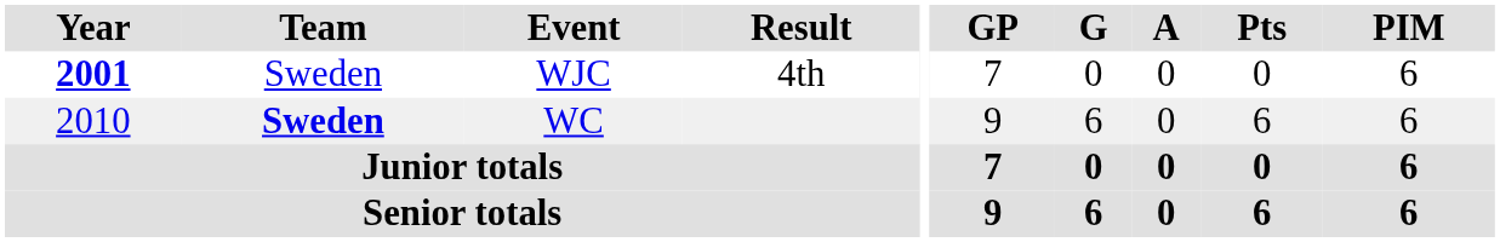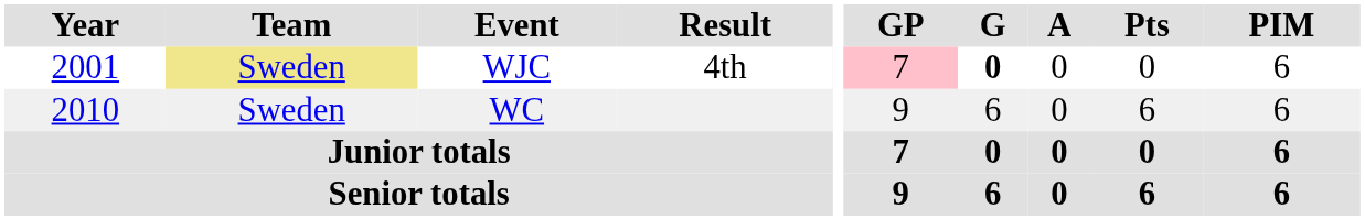 <table border="0" cellpadding="1" cellspacing="0" ID="Table3" style="text-align:center; width:40em">
 <tr align="center" bgcolor="#e0e0e0">
 <th>Year</th>
 <th>Team</th>
 <th>Event</th>
 <th>Result</th>
 <th rowspan="99" bgcolor="#ffffff"></th>
 <th>GP</th>
 <th>G</th>
 <th>A</th>
 <th>Pts</th>
 <th>PIM</th>
 </tr>
 <tr>
-<td><strong><a href='#'>2001</a></strong></td>
-<td><a href='#'>Sweden</a></td>
+<td><a href='#'>2001</a></td>
+<td style="background: khaki;"><a href='#'>Sweden</a></td>
 <td><a href='#'>WJC</a></td>
 <td>4th</td>
-<td>7</td>
-<td>0</td>
+<td style="background: pink;">7</td>
+<td><strong>0</strong></td>
 <td>0</td>
 <td>0</td>
 <td>6</td>
 </tr>
 <tr bgcolor="#f0f0f0">
 <td><a href='#'>2010</a></td>
-<td><strong><a href='#'>Sweden</a></strong></td>
+<td><a href='#'>Sweden</a></td>
 <td><a href='#'>WC</a></td>
 <td></td>
 <td>9</td>
 <td>6</td>
 <td>0</td>
 <td>6</td>
 <td>6</td>
 </tr>
 <tr bgcolor="#e0e0e0">
 <th colspan="4">Junior totals</th>
 <th>7</th>
 <th>0</th>
 <th>0</th>
 <th>0</th>
 <th>6</th>
 </tr>
 <tr bgcolor="#e0e0e0">
 <th colspan="4">Senior totals</th>
 <th>9</th>
 <th>6</th>
 <th>0</th>
 <th>6</th>
 <th>6</th>
 </tr>
 </table>
